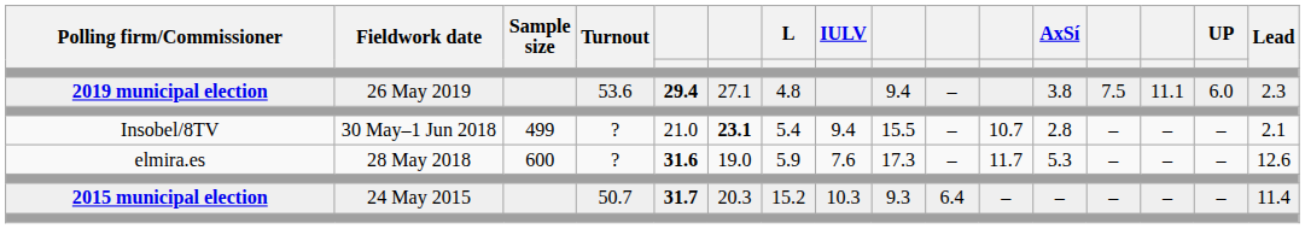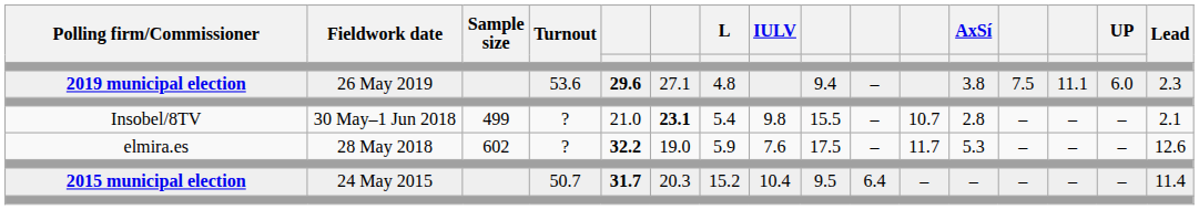 <table class="wikitable collapsible collapsed" style="text-align:center; font-size:95%; line-height:16px;">
 <tr style="height:42px;">
 <th style="width:250px;" rowspan="2">Polling firm/Commissioner</th>
 <th style="width:125px;" rowspan="2">Fieldwork date</th>
 <th style="width:50px;" rowspan="2">Sample size</th>
 <th style="width:45px;" rowspan="2">Turnout</th>
 <th style="width:35px;"></th>
 <th style="width:35px;"></th>
 <th style="width:35px;">L</th>
 <th style="width:35px;"><a href='#'>IULV</a></th>
 <th style="width:35px;"></th>
 <th style="width:35px;"></th>
 <th style="width:35px;"></th>
 <th style="width:35px;"><a href='#'>AxSí</a></th>
 <th style="width:35px;"></th>
 <th style="width:35px;"></th>
 <th style="width:35px;">UP</th>
 <th style="width:30px;" rowspan="2">Lead</th>
 </tr>
 <tr>
 <th style="color:inherit;background:"></th>
 <th style="color:inherit;background:"></th>
 <th style="color:inherit;background:"></th>
 <th style="color:inherit;background:"></th>
 <th style="color:inherit;background:"></th>
 <th style="color:inherit;background:"></th>
 <th style="color:inherit;background:"></th>
 <th style="color:inherit;background:"></th>
 <th style="color:inherit;background:"></th>
 <th style="color:inherit;background:"></th>
 <th style="color:inherit;background:"></th>
 </tr>
 <tr>
 <td colspan="16" style="background:#A0A0A0"></td>
 </tr>
 <tr style="background:#EFEFEF;">
 <td><strong><a href='#'>2019 municipal election</a></strong></td>
 <td>26 May 2019</td>
 <td></td>
 <td>53.6</td>
-<td><strong>29.4</strong><br></td>
+<td><strong>29.6</strong><br></td>
 <td>27.1<br></td>
 <td>4.8<br></td>
 <td></td>
 <td>9.4<br></td>
 <td>–</td>
 <td></td>
 <td>3.8<br></td>
 <td>7.5<br></td>
 <td>11.1<br></td>
 <td>6.0<br></td>
 <td style="background:">2.3</td>
 </tr>
 <tr>
 <td colspan="16" style="background:#A0A0A0"></td>
 </tr>
 <tr>
 <td>Insobel/8TV</td>
 <td>30 May–1 Jun 2018</td>
 <td>499</td>
 <td>?</td>
 <td>21.0<br></td>
 <td><strong>23.1</strong><br></td>
 <td>5.4<br></td>
-<td>9.4<br></td>
+<td>9.8<br></td>
 <td>15.5<br></td>
 <td>–</td>
 <td>10.7<br></td>
 <td>2.8<br></td>
 <td>–</td>
 <td>–</td>
 <td>–</td>
 <td style="background:">2.1</td>
 </tr>
 <tr>
 <td>elmira.es</td>
 <td>28 May 2018</td>
-<td>600</td>
+<td>602</td>
 <td>?</td>
-<td><strong>31.6</strong><br></td>
+<td><strong>32.2</strong><br></td>
 <td>19.0<br></td>
 <td>5.9<br></td>
 <td>7.6<br></td>
-<td>17.3<br></td>
+<td>17.5<br></td>
 <td>–</td>
 <td>11.7<br></td>
 <td>5.3<br></td>
 <td>–</td>
 <td>–</td>
 <td>–</td>
 <td style="background:">12.6</td>
 </tr>
 <tr>
 <td colspan="16" style="background:#A0A0A0"></td>
 </tr>
 <tr style="background:#EFEFEF;">
 <td><strong><a href='#'>2015 municipal election</a></strong></td>
 <td>24 May 2015</td>
 <td></td>
 <td>50.7</td>
 <td><strong>31.7</strong><br></td>
 <td>20.3<br></td>
 <td>15.2<br></td>
-<td>10.3<br></td>
-<td>9.3<br></td>
+<td>10.4<br></td>
+<td>9.5<br></td>
 <td>6.4<br></td>
 <td>–</td>
 <td>–</td>
 <td>–</td>
 <td>–</td>
 <td>–</td>
 <td style="background:">11.4</td>
 </tr>
 <tr>
 <td colspan="16" style="background:#A0A0A0"></td>
 </tr>
 </table>
